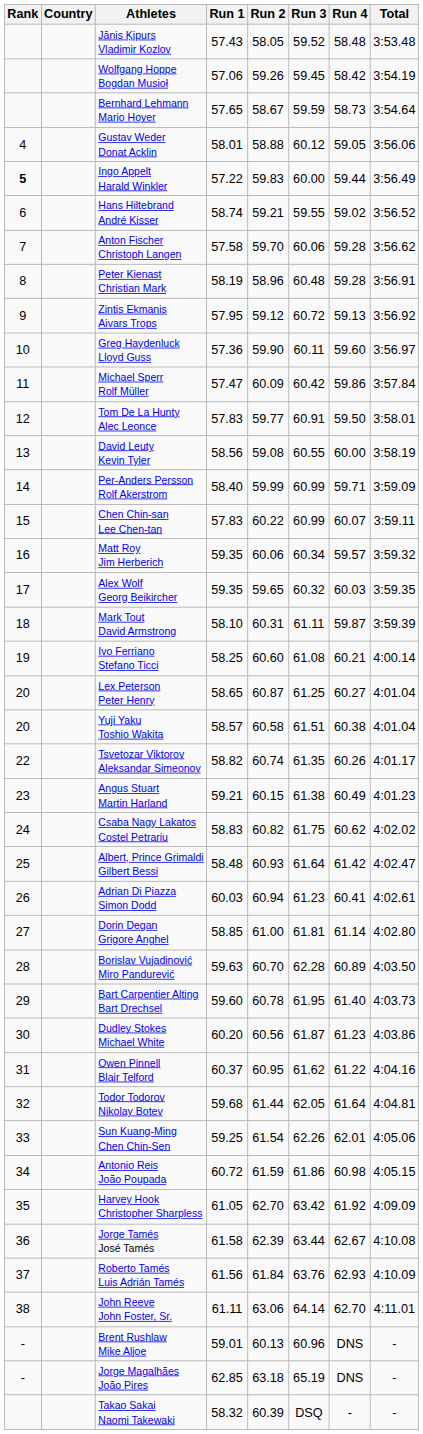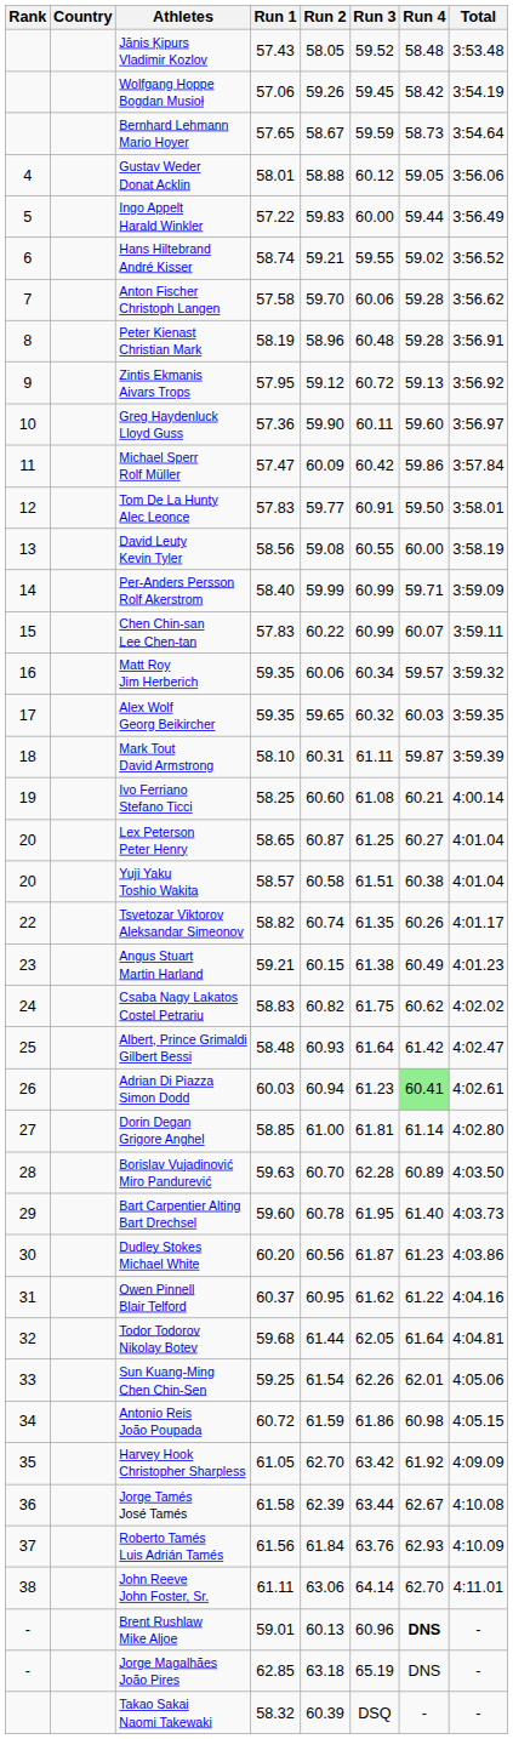 <table class="wikitable sortable" style="text-align:center">
 <tr>
 <th>Rank</th>
 <th>Country</th>
 <th>Athletes</th>
 <th>Run 1</th>
 <th>Run 2</th>
 <th>Run 3</th>
 <th>Run 4</th>
 <th>Total</th>
 </tr>
 <tr>
 <td></td>
 <td align=left></td>
 <td align=left><small> <a href='#'>Jānis Ķipurs</a> <br> <a href='#'>Vladimir Kozlov</a> </small></td>
 <td>57.43</td>
 <td>58.05</td>
 <td>59.52</td>
 <td>58.48</td>
 <td>3:53.48</td>
 </tr>
 <tr>
 <td></td>
 <td align=left></td>
 <td align=left><small> <a href='#'>Wolfgang Hoppe</a> <br> <a href='#'>Bogdan Musioł</a> </small></td>
 <td>57.06</td>
 <td>59.26</td>
 <td>59.45</td>
 <td>58.42</td>
 <td>3:54.19</td>
 </tr>
 <tr>
 <td></td>
 <td align=left></td>
 <td align=left><small> <a href='#'>Bernhard Lehmann</a> <br> <a href='#'>Mario Hoyer</a></small></td>
 <td>57.65</td>
 <td>58.67</td>
 <td>59.59</td>
 <td>58.73</td>
 <td>3:54.64</td>
 </tr>
 <tr>
 <td>4</td>
 <td align=left></td>
 <td align=left><small> <a href='#'>Gustav Weder</a> <br> <a href='#'>Donat Acklin</a> </small></td>
 <td>58.01</td>
 <td>58.88</td>
 <td>60.12</td>
 <td>59.05</td>
 <td>3:56.06</td>
 </tr>
 <tr>
-<td><strong>5</strong></td>
+<td>5</td>
 <td align=left></td>
 <td align=left><small> <a href='#'>Ingo Appelt</a> <br> <a href='#'>Harald Winkler</a></small></td>
 <td>57.22</td>
 <td>59.83</td>
 <td>60.00</td>
 <td>59.44</td>
 <td>3:56.49</td>
 </tr>
 <tr>
 <td>6</td>
 <td align=left></td>
 <td align=left><small> <a href='#'>Hans Hiltebrand</a> <br> <a href='#'>André Kisser</a></small></td>
 <td>58.74</td>
 <td>59.21</td>
 <td>59.55</td>
 <td>59.02</td>
 <td>3:56.52</td>
 </tr>
 <tr>
 <td>7</td>
 <td align=left></td>
 <td align=left><small> <a href='#'>Anton Fischer</a> <br> <a href='#'>Christoph Langen</a> </small></td>
 <td>57.58</td>
 <td>59.70</td>
 <td>60.06</td>
 <td>59.28</td>
 <td>3:56.62</td>
 </tr>
 <tr>
 <td>8</td>
 <td align=left></td>
 <td align=left><small> <a href='#'>Peter Kienast</a> <br> <a href='#'>Christian Mark</a> </small></td>
 <td>58.19</td>
 <td>58.96</td>
 <td>60.48</td>
 <td>59.28</td>
 <td>3:56.91</td>
 </tr>
 <tr>
 <td>9</td>
 <td align=left></td>
 <td align=left><small> <a href='#'>Zintis Ekmanis</a> <br> <a href='#'>Aivars Trops</a></small></td>
 <td>57.95</td>
 <td>59.12</td>
 <td>60.72</td>
 <td>59.13</td>
 <td>3:56.92</td>
 </tr>
 <tr>
 <td>10</td>
 <td align=left></td>
 <td align=left><small> <a href='#'>Greg Haydenluck</a> <br> <a href='#'>Lloyd Guss</a></small></td>
 <td>57.36</td>
 <td>59.90</td>
 <td>60.11</td>
 <td>59.60</td>
 <td>3:56.97</td>
 </tr>
 <tr>
 <td>11</td>
 <td align=left></td>
 <td align=left><small> <a href='#'>Michael Sperr</a> <br> <a href='#'>Rolf Müller</a> </small></td>
 <td>57.47</td>
 <td>60.09</td>
 <td>60.42</td>
 <td>59.86</td>
 <td>3:57.84</td>
 </tr>
 <tr>
 <td>12</td>
 <td align=left></td>
 <td align=left><small> <a href='#'>Tom De La Hunty</a> <br> <a href='#'>Alec Leonce</a></small></td>
 <td>57.83</td>
 <td>59.77</td>
 <td>60.91</td>
 <td>59.50</td>
 <td>3:58.01</td>
 </tr>
 <tr>
 <td>13</td>
 <td align=left></td>
 <td align=left><small> <a href='#'>David Leuty</a> <br> <a href='#'>Kevin Tyler</a></small></td>
 <td>58.56</td>
 <td>59.08</td>
 <td>60.55</td>
 <td>60.00</td>
 <td>3:58.19</td>
 </tr>
 <tr>
 <td>14</td>
 <td align=left></td>
 <td align=left><small> <a href='#'>Per-Anders Persson</a> <br> <a href='#'>Rolf Akerstrom</a> </small></td>
 <td>58.40</td>
 <td>59.99</td>
 <td>60.99</td>
 <td>59.71</td>
 <td>3:59.09</td>
 </tr>
 <tr>
 <td>15</td>
 <td align=left></td>
 <td align=left><small> <a href='#'>Chen Chin-san</a> <br> <a href='#'>Lee Chen-tan</a></small></td>
 <td>57.83</td>
 <td>60.22</td>
 <td>60.99</td>
 <td>60.07</td>
 <td>3:59.11</td>
 </tr>
 <tr>
 <td>16</td>
 <td align=left></td>
 <td align=left><small> <a href='#'>Matt Roy</a> <br> <a href='#'>Jim Herberich</a></small></td>
 <td>59.35</td>
 <td>60.06</td>
 <td>60.34</td>
 <td>59.57</td>
 <td>3:59.32</td>
 </tr>
 <tr>
 <td>17</td>
 <td align=left></td>
 <td align=left><small> <a href='#'>Alex Wolf</a> <br> <a href='#'>Georg Beikircher</a> </small></td>
 <td>59.35</td>
 <td>59.65</td>
 <td>60.32</td>
 <td>60.03</td>
 <td>3:59.35</td>
 </tr>
 <tr>
 <td>18</td>
 <td align=left></td>
 <td align=left><small> <a href='#'>Mark Tout</a> <br> <a href='#'>David Armstrong</a> </small></td>
 <td>58.10</td>
 <td>60.31</td>
 <td>61.11</td>
 <td>59.87</td>
 <td>3:59.39</td>
 </tr>
 <tr>
 <td>19</td>
 <td align=left></td>
 <td align=left><small> <a href='#'>Ivo Ferriano</a> <br> <a href='#'>Stefano Ticci</a> </small></td>
 <td>58.25</td>
 <td>60.60</td>
 <td>61.08</td>
 <td>60.21</td>
 <td>4:00.14</td>
 </tr>
 <tr>
 <td>20</td>
 <td align=left></td>
 <td align=left><small> <a href='#'>Lex Peterson</a> <br> <a href='#'>Peter Henry</a></small></td>
 <td>58.65</td>
 <td>60.87</td>
 <td>61.25</td>
 <td>60.27</td>
 <td>4:01.04</td>
 </tr>
 <tr>
 <td>20</td>
 <td align=left></td>
 <td align=left><small> <a href='#'>Yuji Yaku</a> <br> <a href='#'>Toshio Wakita</a> </small></td>
 <td>58.57</td>
 <td>60.58</td>
 <td>61.51</td>
 <td>60.38</td>
 <td>4:01.04</td>
 </tr>
 <tr>
 <td>22</td>
 <td align=left></td>
 <td align=left><small> <a href='#'>Tsvetozar Viktorov</a> <br> <a href='#'>Aleksandar Simeonov</a></small></td>
 <td>58.82</td>
 <td>60.74</td>
 <td>61.35</td>
 <td>60.26</td>
 <td>4:01.17</td>
 </tr>
 <tr>
 <td>23</td>
 <td align=left></td>
 <td align=left><small> <a href='#'>Angus Stuart</a> <br> <a href='#'>Martin Harland</a></small></td>
 <td>59.21</td>
 <td>60.15</td>
 <td>61.38</td>
 <td>60.49</td>
 <td>4:01.23</td>
 </tr>
 <tr>
 <td>24</td>
 <td align=left></td>
 <td align=left><small> <a href='#'>Csaba Nagy Lakatos</a> <br> <a href='#'>Costel Petrariu</a></small></td>
 <td>58.83</td>
 <td>60.82</td>
 <td>61.75</td>
 <td>60.62</td>
 <td>4:02.02</td>
 </tr>
 <tr>
 <td>25</td>
 <td align=left></td>
 <td align=left><small> <a href='#'>Albert, Prince Grimaldi</a> <br> <a href='#'>Gilbert Bessi</a></small></td>
 <td>58.48</td>
 <td>60.93</td>
 <td>61.64</td>
 <td>61.42</td>
 <td>4:02.47</td>
 </tr>
 <tr>
 <td>26</td>
 <td align=left></td>
 <td align=left><small> <a href='#'>Adrian Di Piazza</a> <br> <a href='#'>Simon Dodd</a> </small></td>
 <td>60.03</td>
 <td>60.94</td>
 <td>61.23</td>
-<td>60.41</td>
+<td style="background: lightgreen;">60.41</td>
 <td>4:02.61</td>
 </tr>
 <tr>
 <td>27</td>
 <td align=left></td>
 <td align=left><small> <a href='#'>Dorin Degan</a> <br> <a href='#'>Grigore Anghel</a></small></td>
 <td>58.85</td>
 <td>61.00</td>
 <td>61.81</td>
 <td>61.14</td>
 <td>4:02.80</td>
 </tr>
 <tr>
 <td>28</td>
 <td align=left></td>
 <td align=left><small> <a href='#'>Borislav Vujadinović</a> <br> <a href='#'>Miro Pandurević</a> </small></td>
 <td>59.63</td>
 <td>60.70</td>
 <td>62.28</td>
 <td>60.89</td>
 <td>4:03.50</td>
 </tr>
 <tr>
 <td>29</td>
 <td align=left></td>
 <td align=left><small> <a href='#'>Bart Carpentier Alting</a> <br> <a href='#'>Bart Drechsel</a></small></td>
 <td>59.60</td>
 <td>60.78</td>
 <td>61.95</td>
 <td>61.40</td>
 <td>4:03.73</td>
 </tr>
 <tr>
 <td>30</td>
 <td align=left></td>
 <td align=left><small> <a href='#'>Dudley Stokes</a> <br> <a href='#'>Michael White</a> </small></td>
 <td>60.20</td>
 <td>60.56</td>
 <td>61.87</td>
 <td>61.23</td>
 <td>4:03.86</td>
 </tr>
 <tr>
 <td>31</td>
 <td align=left></td>
 <td align=left><small> <a href='#'>Owen Pinnell</a> <br> <a href='#'>Blair Telford</a> </small></td>
 <td>60.37</td>
 <td>60.95</td>
 <td>61.62</td>
 <td>61.22</td>
 <td>4:04.16</td>
 </tr>
 <tr>
 <td>32</td>
 <td align=left></td>
 <td align=left><small> <a href='#'>Todor Todorov</a> <br> <a href='#'>Nikolay Botev</a> </small></td>
 <td>59.68</td>
 <td>61.44</td>
 <td>62.05</td>
 <td>61.64</td>
 <td>4:04.81</td>
 </tr>
 <tr>
 <td>33</td>
 <td align=left></td>
 <td align=left><small> <a href='#'>Sun Kuang-Ming</a> <br> <a href='#'>Chen Chin-Sen</a> </small></td>
 <td>59.25</td>
 <td>61.54</td>
 <td>62.26</td>
 <td>62.01</td>
 <td>4:05.06</td>
 </tr>
 <tr>
 <td>34</td>
 <td align=left></td>
 <td align=left><small> <a href='#'>Antonio Reis</a> <br> <a href='#'>João Poupada</a></small></td>
 <td>60.72</td>
 <td>61.59</td>
 <td>61.86</td>
 <td>60.98</td>
 <td>4:05.15</td>
 </tr>
 <tr>
 <td>35</td>
 <td align=left></td>
 <td align=left><small> <a href='#'>Harvey Hook</a> <br> <a href='#'>Christopher Sharpless</a> </small></td>
 <td>61.05</td>
 <td>62.70</td>
 <td>63.42</td>
 <td>61.92</td>
 <td>4:09.09</td>
 </tr>
 <tr>
 <td>36</td>
 <td align=left></td>
 <td align=left><small> <a href='#'>Jorge Tamés</a> <br> José Tamés</small></td>
 <td>61.58</td>
 <td>62.39</td>
 <td>63.44</td>
 <td>62.67</td>
 <td>4:10.08</td>
 </tr>
 <tr>
 <td>37</td>
 <td align=left></td>
 <td align=left><small> <a href='#'>Roberto Tamés</a> <br> <a href='#'>Luis Adrián Tamés</a> </small></td>
 <td>61.56</td>
 <td>61.84</td>
 <td>63.76</td>
 <td>62.93</td>
 <td>4:10.09</td>
 </tr>
 <tr>
 <td>38</td>
 <td align=left></td>
 <td align=left><small> <a href='#'>John Reeve</a> <br> <a href='#'>John Foster, Sr.</a> </small></td>
 <td>61.11</td>
 <td>63.06</td>
 <td>64.14</td>
 <td>62.70</td>
 <td>4:11.01</td>
 </tr>
 <tr>
 <td>-</td>
 <td align=left></td>
 <td align=left><small> <a href='#'>Brent Rushlaw</a> <br> <a href='#'>Mike Aljoe</a></small></td>
 <td>59.01</td>
 <td>60.13</td>
 <td>60.96</td>
-<td>DNS</td>
+<td><strong>DNS</strong></td>
 <td>-</td>
 </tr>
 <tr>
 <td>-</td>
 <td align=left></td>
 <td align=left><small> <a href='#'>Jorge Magalhães</a> <br> <a href='#'>João Pires</a> </small></td>
 <td>62.85</td>
 <td>63.18</td>
 <td>65.19</td>
 <td>DNS</td>
 <td>-</td>
 </tr>
 <tr>
 <td></td>
 <td align=left></td>
 <td align=left><small> <a href='#'>Takao Sakai</a> <br> <a href='#'>Naomi Takewaki</a></small></td>
 <td>58.32</td>
 <td>60.39</td>
 <td>DSQ</td>
 <td>-</td>
 <td>-</td>
 </tr>
 </table>
